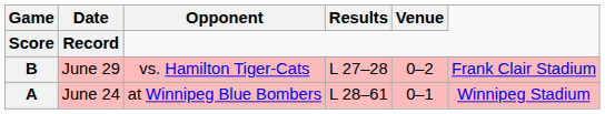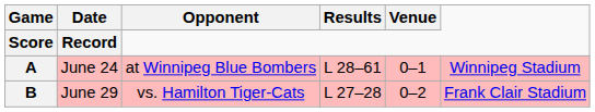 <table class="wikitable" style="text-align:center">
 <tr>
 <th>Game</th>
 <th>Date</th>
 <th>Opponent</th>
 <th>Results</th>
 <th>Venue</th>
 </tr>
 <tr>
 <th>Score</th>
 <th>Record</th>
 </tr>
 <tr style="background:#ffbbbb">
+<th>A</th>
+<td>June 24</td>
+<td>at <a href='#'>Winnipeg Blue Bombers</a></td>
+<td>L 28–61</td>
+<td>0–1</td>
+<td><a href='#'>Winnipeg Stadium</a></td>
+</tr>
+<tr style="background:#ffbbbb">
 <th>B</th>
 <td>June 29</td>
 <td>vs. <a href='#'>Hamilton Tiger-Cats</a></td>
 <td>L 27–28</td>
 <td>0–2</td>
 <td><a href='#'>Frank Clair Stadium</a></td>
 </tr>
-<tr style="background:#ffbbbb">
-<th>A</th>
-<td>June 24</td>
-<td>at <a href='#'>Winnipeg Blue Bombers</a></td>
-<td>L 28–61</td>
-<td>0–1</td>
-<td><a href='#'>Winnipeg Stadium</a></td>
-</tr>
 </table>
